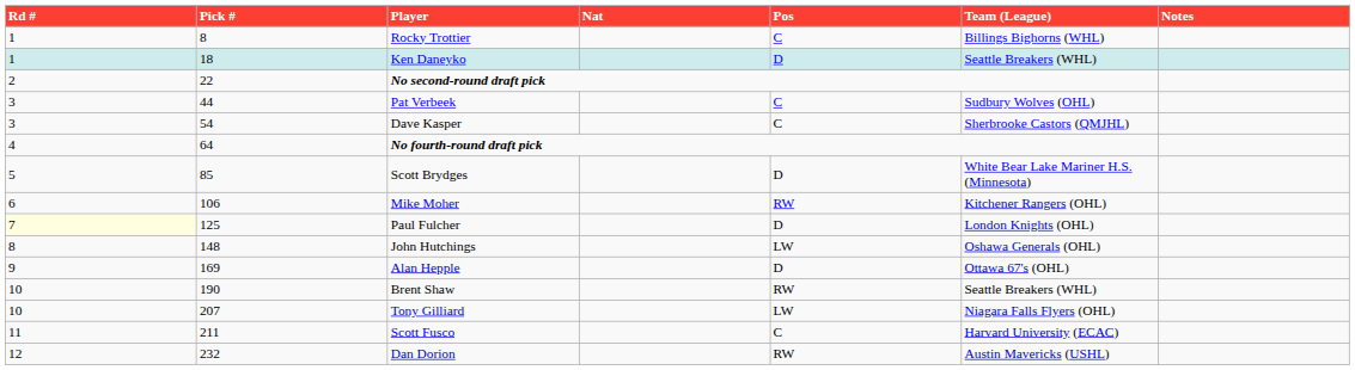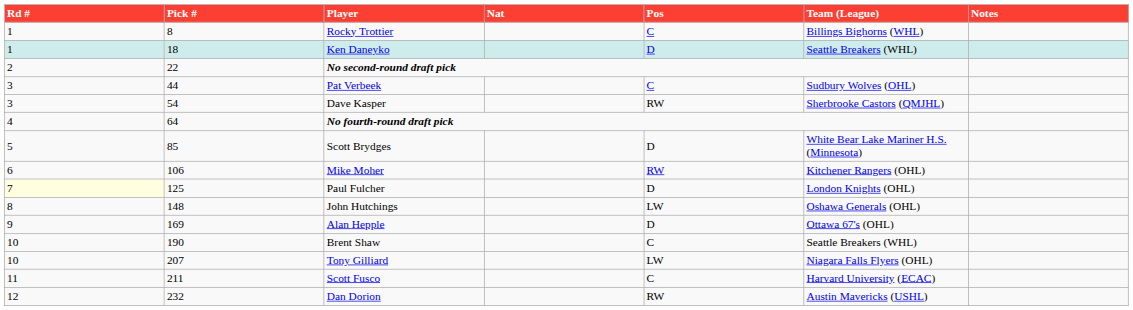 <table class="wikitable" style="width: 100%">
 <tr>
 <td width="5%" ; style="color:white; background:#fc3f32; "><strong>Rd #</strong></td>
 <td width="5%" ; style="color:white; background:#fc3f32; "><strong>Pick #</strong></td>
 <td width="5%" ; style="color:white; background:#fc3f32; "><strong>Player</strong></td>
 <td width="5%" ; style="color:white; background:#fc3f32; "><strong>Nat</strong></td>
 <td width="5%" ; style="color:white; background:#fc3f32; "><strong>Pos</strong></td>
 <td width="5%" ; style="color:white; background:#fc3f32; "><strong>Team (League)</strong></td>
 <td width="5%" ; style="color:white; background:#fc3f32; "><strong>Notes</strong></td>
 </tr>
 <tr>
 <td>1</td>
 <td>8</td>
 <td><a href='#'>Rocky Trottier</a></td>
 <td></td>
 <td><a href='#'>C</a></td>
 <td><a href='#'>Billings Bighorns</a> (<a href='#'>WHL</a>)</td>
 <td></td>
 </tr>
 <tr bgcolor="#CFECEC">
 <td>1</td>
 <td>18</td>
 <td><a href='#'>Ken Daneyko</a></td>
 <td></td>
 <td><a href='#'>D</a></td>
 <td><a href='#'>Seattle Breakers</a> (WHL)</td>
 <td></td>
 </tr>
 <tr>
 <td>2</td>
 <td>22</td>
 <td colspan="4"><strong><em>No second-round draft pick</em></strong></td>
 <td></td>
 </tr>
 <tr>
 <td>3</td>
 <td>44</td>
 <td><a href='#'>Pat Verbeek</a></td>
 <td></td>
 <td><a href='#'>C</a></td>
 <td><a href='#'>Sudbury Wolves</a> (<a href='#'>OHL</a>)</td>
 <td></td>
 </tr>
 <tr>
 <td>3</td>
 <td>54</td>
 <td>Dave Kasper</td>
 <td></td>
-<td>C</td>
+<td>RW</td>
 <td><a href='#'>Sherbrooke Castors</a> (<a href='#'>QMJHL</a>)</td>
 <td></td>
 </tr>
 <tr>
 <td>4</td>
 <td>64</td>
 <td colspan="4"><strong><em>No fourth-round draft pick</em></strong></td>
 <td></td>
 </tr>
 <tr>
 <td>5</td>
 <td>85</td>
 <td>Scott Brydges</td>
 <td></td>
 <td>D</td>
 <td><a href='#'>White Bear Lake Mariner H.S.</a> (<a href='#'>Minnesota</a>)</td>
 <td></td>
 </tr>
 <tr>
 <td>6</td>
 <td>106</td>
 <td><a href='#'>Mike Moher</a></td>
 <td></td>
 <td><a href='#'>RW</a></td>
 <td><a href='#'>Kitchener Rangers</a> (OHL)</td>
 <td></td>
 </tr>
 <tr>
 <td style="background: lightyellow;">7</td>
 <td>125</td>
 <td>Paul Fulcher</td>
 <td></td>
 <td>D</td>
 <td><a href='#'>London Knights</a> (OHL)</td>
 <td></td>
 </tr>
 <tr>
 <td>8</td>
 <td>148</td>
 <td>John Hutchings</td>
 <td></td>
 <td>LW</td>
 <td><a href='#'>Oshawa Generals</a> (OHL)</td>
 <td></td>
 </tr>
 <tr>
 <td>9</td>
 <td>169</td>
 <td><a href='#'>Alan Hepple</a></td>
 <td></td>
 <td>D</td>
 <td><a href='#'>Ottawa 67's</a> (OHL)</td>
 <td></td>
 </tr>
 <tr>
 <td>10</td>
 <td>190</td>
 <td>Brent Shaw</td>
 <td></td>
-<td>RW</td>
+<td>C</td>
 <td>Seattle Breakers (WHL)</td>
 <td></td>
 </tr>
 <tr>
 <td>10</td>
 <td>207</td>
 <td><a href='#'>Tony Gilliard</a></td>
 <td></td>
 <td>LW</td>
 <td><a href='#'>Niagara Falls Flyers</a> (OHL)</td>
 <td></td>
 </tr>
 <tr>
 <td>11</td>
 <td>211</td>
 <td><a href='#'>Scott Fusco</a></td>
 <td></td>
 <td>C</td>
 <td><a href='#'>Harvard University</a> (<a href='#'>ECAC</a>)</td>
 <td></td>
 </tr>
 <tr>
 <td>12</td>
 <td>232</td>
 <td><a href='#'>Dan Dorion</a></td>
 <td></td>
 <td>RW</td>
 <td><a href='#'>Austin Mavericks</a> (<a href='#'>USHL</a>)</td>
 <td></td>
 </tr>
 </table>
